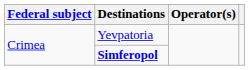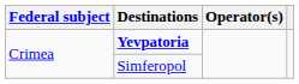 <table class="wikitable">
 <tr>
 <th><a href='#'>Federal subject</a></th>
 <th>Destinations</th>
 <th>Operator(s)</th>
 <th></th>
 </tr>
 <tr>
 <td rowspan="5">  <a href='#'>Crimea</a></td>
-<td><a href='#'>Yevpatoria</a></td>
+<td><strong><a href='#'>Yevpatoria</a></strong></td>
 <td rowspan="2"></td>
 <td rowspan="2"></td>
 </tr>
 <tr>
-<td><strong><a href='#'>Simferopol</a></strong></td>
+<td><a href='#'>Simferopol</a></td>
 </tr>
 </table>
